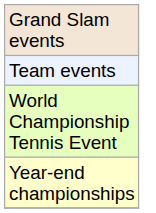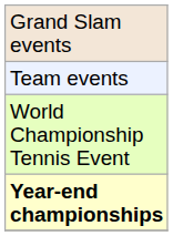 <table class="wikitable" style="font-size:95%;" width=15%>
 <tr bgcolor="#F3E6D7">
 <td>Grand Slam events</td>
 </tr>
 <tr bgcolor="#ECF2FF">
 <td>Team events</td>
 </tr>
 <tr style="background:#E6FFBF;">
 <td>World Championship Tennis Event</td>
 </tr>
 <tr bgcolor="#FFFFCC">
-<td>Year-end championships</td>
+<td><strong>Year-end championships</strong></td>
 </tr>
 <tr>
 </tr>
 </table>
